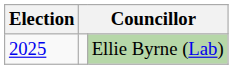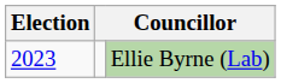 <table class="wikitable">
 <tr>
 <th>Election</th>
 <th colspan="2">Councillor</th>
 </tr>
 <tr>
-<td><a href='#'>2025</a></td>
+<td><a href='#'>2023</a></td>
 <td style="background-color: "></td>
 <td bgcolor="#B6D7A8">Ellie Byrne (<a href='#'>Lab</a>)</td>
 </tr>
 </table>
